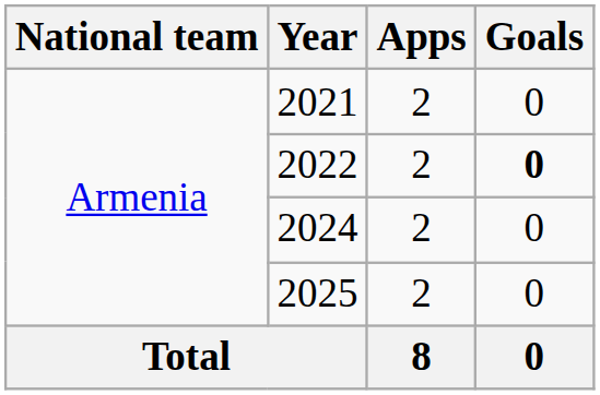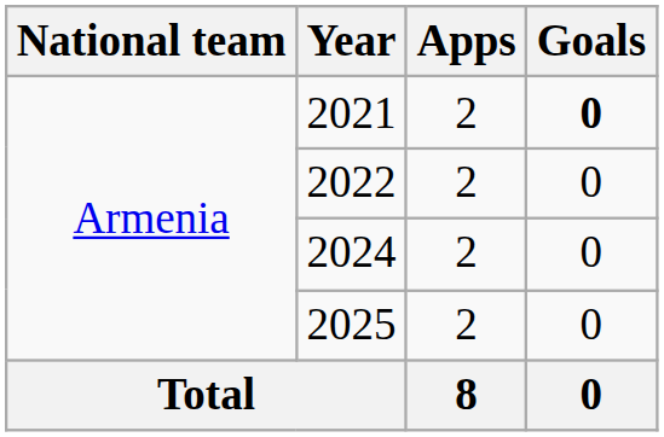 <table class="wikitable" style="text-align:center">
 <tr>
 <th>National team</th>
 <th>Year</th>
 <th>Apps</th>
 <th>Goals</th>
 </tr>
 <tr>
 <td rowspan="4"><a href='#'>Armenia</a></td>
 <td>2021</td>
 <td>2</td>
-<td>0</td>
+<td><strong>0</strong></td>
 </tr>
 <tr>
 <td>2022</td>
 <td>2</td>
-<td><strong>0</strong></td>
+<td>0</td>
 </tr>
 <tr>
 <td>2024</td>
 <td>2</td>
 <td>0</td>
 </tr>
 <tr>
 <td>2025</td>
 <td>2</td>
 <td>0</td>
 </tr>
 <tr>
 <th colspan="2">Total</th>
 <th>8</th>
 <th>0</th>
 </tr>
 </table>
